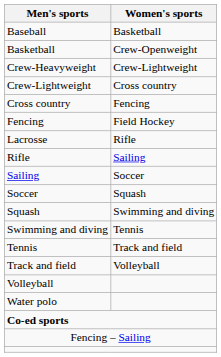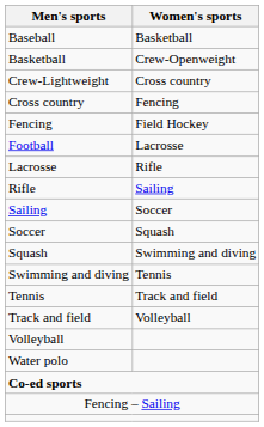 <table class="wikitable" style=" ">
 <tr>
 <th width=px>Men's sports</th>
 <th width=px>Women's sports</th>
 </tr>
 <tr>
 <td>Baseball</td>
 <td>Basketball</td>
 </tr>
 <tr>
 <td>Basketball</td>
 <td>Crew-Openweight</td>
 </tr>
 <tr>
-<td>Crew-Heavyweight</td>
-<td>Crew-Lightweight</td>
-</tr>
-<tr>
 <td>Crew-Lightweight</td>
 <td>Cross country</td>
 </tr>
 <tr>
 <td>Cross country</td>
 <td>Fencing</td>
 </tr>
 <tr>
 <td>Fencing</td>
 <td>Field Hockey</td>
+</tr>
+<tr>
+<td><a href='#'>Football</a></td>
+<td>Lacrosse</td>
 </tr>
 <tr>
 <td>Lacrosse</td>
 <td>Rifle</td>
 </tr>
 <tr>
 <td>Rifle</td>
 <td><a href='#'>Sailing</a></td>
 </tr>
 <tr>
 <td><a href='#'>Sailing</a></td>
 <td>Soccer</td>
 </tr>
 <tr>
 <td>Soccer</td>
 <td>Squash</td>
 </tr>
 <tr>
 <td>Squash</td>
 <td>Swimming and diving</td>
 </tr>
 <tr>
 <td>Swimming and diving</td>
 <td>Tennis</td>
 </tr>
 <tr>
 <td>Tennis</td>
 <td>Track and field</td>
 </tr>
 <tr>
 <td>Track and field</td>
 <td>Volleyball</td>
 </tr>
 <tr>
 <td>Volleyball</td>
 <td></td>
 </tr>
 <tr>
 <td>Water polo</td>
 <td></td>
 </tr>
 <tr>
 <td colspan="2"><strong>Co-ed sports</strong></td>
 </tr>
 <tr style="text-align:center">
 <td colspan="2">Fencing – <a href='#'>Sailing</a></td>
 </tr>
 <tr>
 <td colspan=2></td>
 </tr>
 </table>
